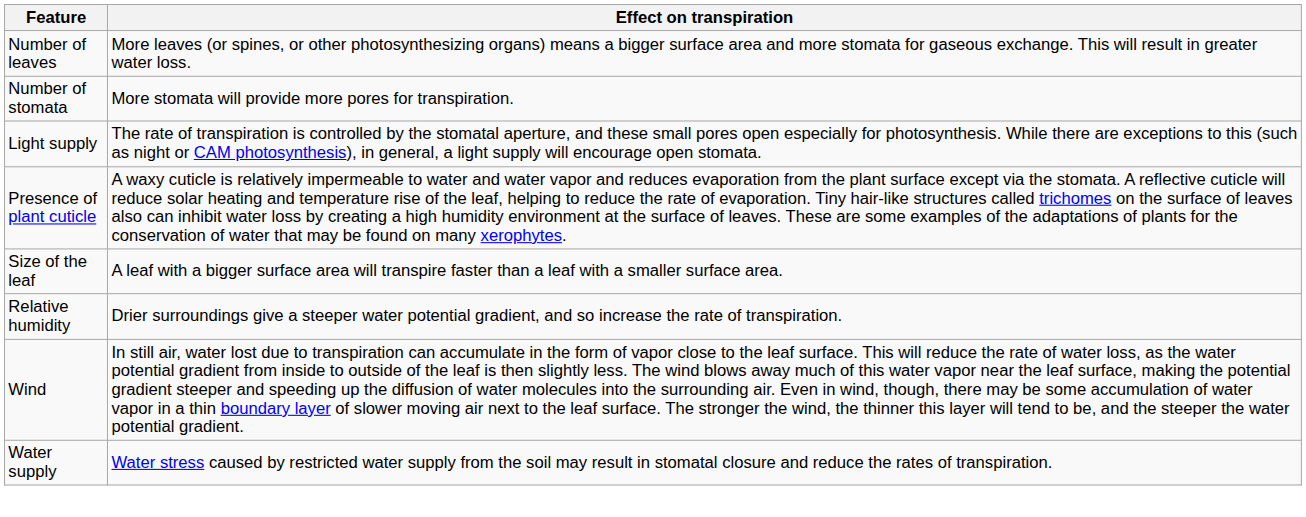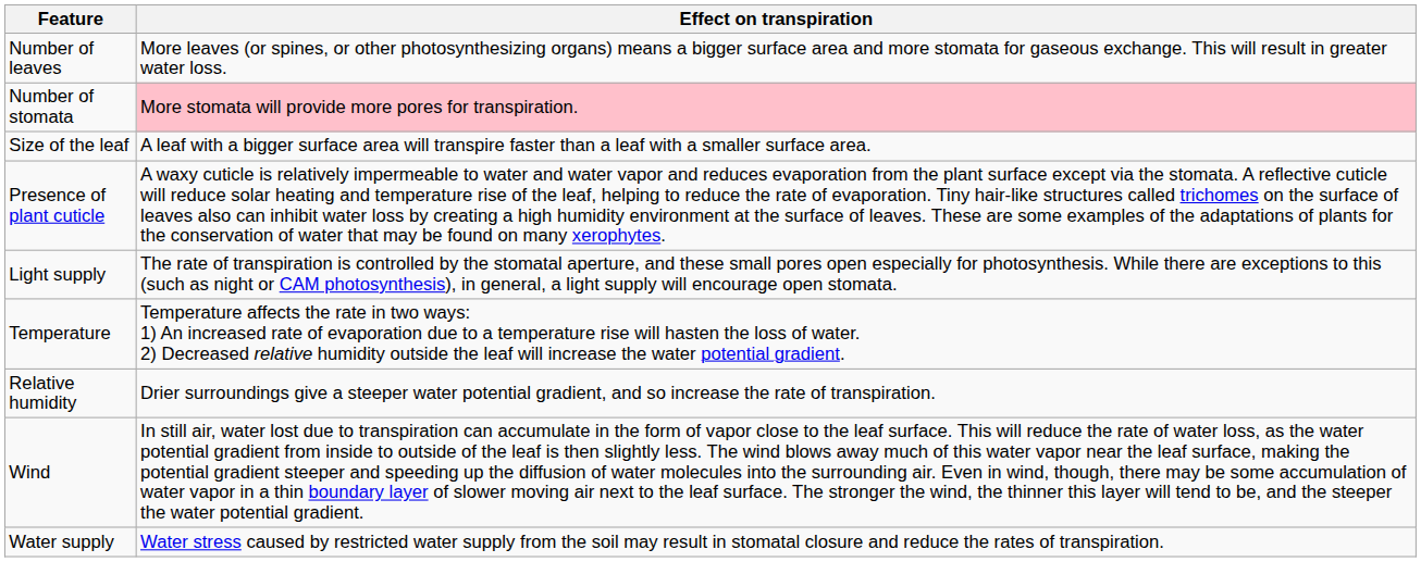 <table class="wikitable">
 <tr>
 <th>Feature</th>
 <th>Effect on transpiration</th>
 </tr>
 <tr>
 <td>Number of leaves</td>
 <td>More leaves (or spines, or other photosynthesizing organs) means a bigger surface area and more stomata for gaseous exchange. This will result in greater water loss.</td>
 </tr>
 <tr>
 <td>Number of stomata</td>
-<td>More stomata will provide more pores for transpiration.</td>
+<td style="background: pink;">More stomata will provide more pores for transpiration.</td>
+</tr>
+<tr>
+<td>Size of the leaf</td>
+<td>A leaf with a bigger surface area will transpire faster than a leaf with a smaller surface area.</td>
+</tr>
+<tr>
+<td>Presence of <a href='#'>plant cuticle</a></td>
+<td>A waxy cuticle is relatively impermeable to water and water vapor and reduces evaporation from the plant surface except via the stomata. A reflective cuticle will reduce solar heating and temperature rise of the leaf, helping to reduce the rate of evaporation. Tiny hair-like structures called <a href='#'>trichomes</a> on the surface of leaves also can inhibit water loss by creating a high humidity environment at the surface of leaves. These are some examples of the adaptations of plants for the conservation of water that may be found on many <a href='#'>xerophytes</a>.</td>
 </tr>
 <tr>
 <td>Light supply</td>
 <td>The rate of transpiration is controlled by the stomatal aperture, and these small pores open especially for photosynthesis. While there are exceptions to this (such as night or <a href='#'>CAM photosynthesis</a>), in general, a light supply will encourage open stomata.</td>
 </tr>
 <tr>
-<td>Presence of <a href='#'>plant cuticle</a></td>
-<td>A waxy cuticle is relatively impermeable to water and water vapor and reduces evaporation from the plant surface except via the stomata. A reflective cuticle will reduce solar heating and temperature rise of the leaf, helping to reduce the rate of evaporation. Tiny hair-like structures called <a href='#'>trichomes</a> on the surface of leaves also can inhibit water loss by creating a high humidity environment at the surface of leaves. These are some examples of the adaptations of plants for the conservation of water that may be found on many <a href='#'>xerophytes</a>.</td>
-</tr>
-<tr>
-<td>Size of the leaf</td>
-<td>A leaf with a bigger surface area will transpire faster than a leaf with a smaller surface area.</td>
+<td>Temperature</td>
+<td>Temperature affects the rate in two ways:<br>1) An increased rate of evaporation due to a temperature rise will hasten the loss of water. <br> 2) Decreased <em>relative</em> humidity outside the leaf will increase the water <a href='#'>potential gradient</a>.</td>
 </tr>
 <tr>
 <td>Relative humidity</td>
 <td>Drier surroundings give a steeper water potential gradient, and so increase the rate of transpiration.</td>
 </tr>
 <tr>
 <td>Wind</td>
 <td>In still air, water lost due to transpiration can accumulate in the form of vapor close to the leaf surface. This will reduce the rate of water loss, as the water potential gradient from inside to outside of the leaf is then slightly less. The wind blows away much of this water vapor near the leaf surface, making the potential gradient steeper and speeding up the diffusion of water molecules into the surrounding air. Even in wind, though, there may be some accumulation of water vapor in a thin <a href='#'>boundary layer</a> of slower moving air next to the leaf surface. The stronger the wind, the thinner this layer will tend to be, and the steeper the water potential gradient.</td>
 </tr>
 <tr>
 <td>Water supply</td>
 <td><a href='#'>Water stress</a> caused by restricted water supply from the soil may result in stomatal closure and reduce the rates of transpiration.</td>
 </tr>
 </table>
